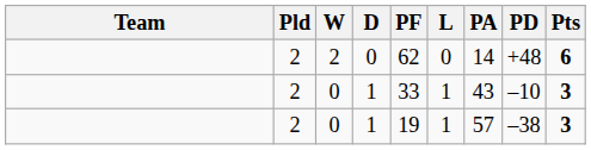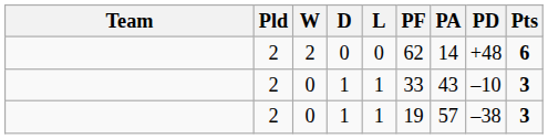 <table class="wikitable" style="text-align:center;">
 <tr>
 <th width=190>Team</th>
 <th width=20 abbr="Played">Pld</th>
 <th width=20 abbr="Won">W</th>
 <th width=20 abbr="Drawn">D</th>
+<th width=20 abbr="Lost">L</th>
 <th width=20 abbr="Points for">PF</th>
-<th width=20 abbr="Lost">L</th>
 <th width=20 abbr="Points against">PA</th>
 <th width=25 abbr="Points difference">PD</th>
 <th width=20 abbr="Points">Pts</th>
 </tr>
 <tr>
 <td align=left></td>
 <td>2</td>
 <td>2</td>
 <td>0</td>
+<td>0</td>
 <td>62</td>
-<td>0</td>
 <td>14</td>
 <td>+48</td>
 <td><strong>6</strong></td>
 </tr>
 <tr>
 <td align=left></td>
 <td>2</td>
 <td>0</td>
 <td>1</td>
+<td>1</td>
 <td>33</td>
-<td>1</td>
 <td>43</td>
 <td>–10</td>
 <td><strong>3</strong></td>
 </tr>
 <tr>
 <td align=left></td>
 <td>2</td>
 <td>0</td>
 <td>1</td>
+<td>1</td>
 <td>19</td>
-<td>1</td>
 <td>57</td>
 <td>–38</td>
 <td><strong>3</strong></td>
 </tr>
 </table>
